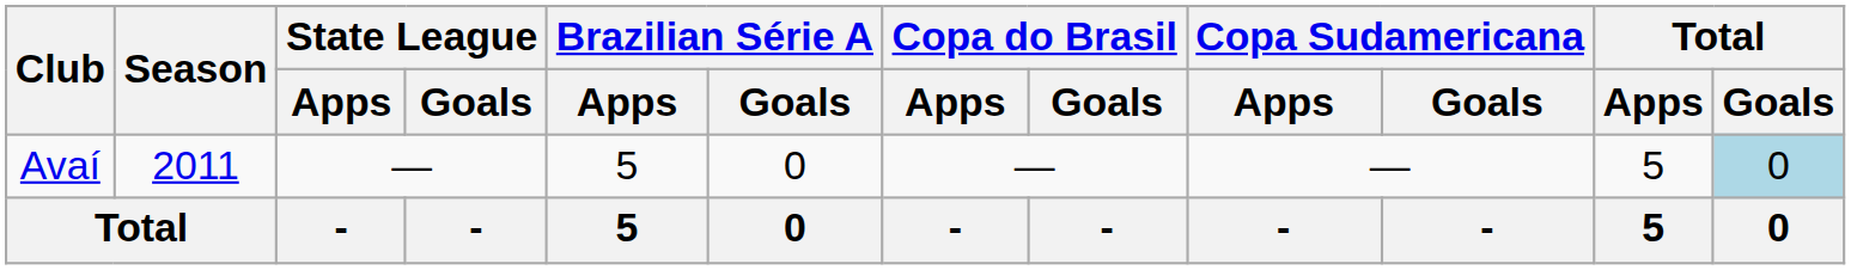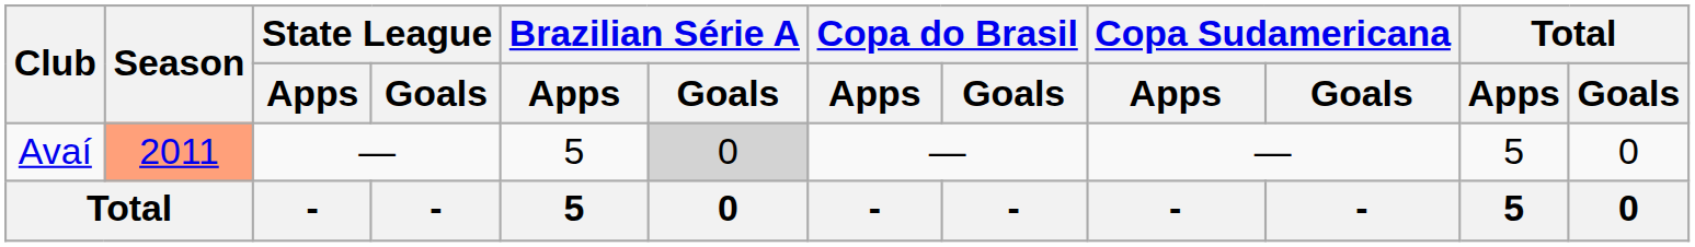 <table class="wikitable" style="text-align: center;">
 <tr>
 <th rowspan="2">Club</th>
 <th rowspan="2">Season</th>
 <th colspan="2">State League</th>
 <th colspan="2"><a href='#'>Brazilian Série A</a></th>
 <th colspan="2"><a href='#'>Copa do Brasil</a></th>
 <th colspan="2"><a href='#'>Copa Sudamericana</a></th>
 <th colspan="2">Total</th>
 </tr>
 <tr>
 <th>Apps</th>
 <th>Goals</th>
 <th>Apps</th>
 <th>Goals</th>
 <th>Apps</th>
 <th>Goals</th>
 <th>Apps</th>
 <th>Goals</th>
 <th>Apps</th>
 <th>Goals</th>
 </tr>
 <tr>
 <td><a href='#'>Avaí</a></td>
-<td><a href='#'>2011</a></td>
+<td style="background: lightsalmon;"><a href='#'>2011</a></td>
+<td colspan="2">—</td>
+<td>5</td>
+<td style="background: lightgrey;">0</td>
+<td colspan="2">—</td>
 <td colspan="2">—</td>
 <td>5</td>
 <td>0</td>
-<td colspan="2">—</td>
-<td colspan="2">—</td>
-<td>5</td>
-<td style="background: lightblue;">0</td>
 </tr>
 <tr>
 <th colspan="2">Total</th>
 <th>-</th>
 <th>-</th>
 <th>5</th>
 <th>0</th>
 <th>-</th>
 <th>-</th>
 <th>-</th>
 <th>-</th>
 <th>5</th>
 <th>0</th>
 </tr>
 </table>
